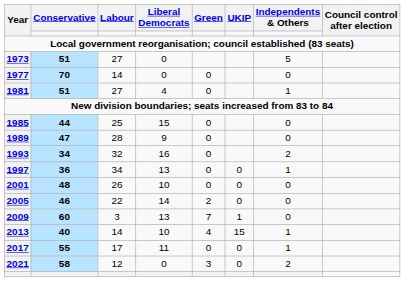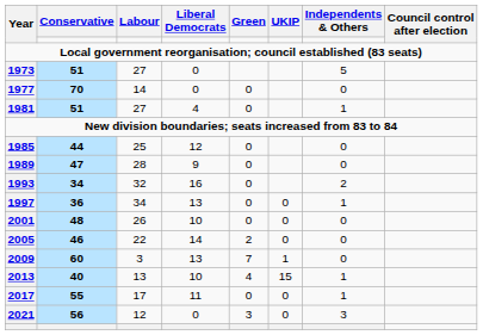 <table class="wikitable plainrowheaders" style="text-align:center">
 <tr>
 <th scope="col" rowspan="2">Year</th>
 <th scope="col"><a href='#'>Conservative</a></th>
 <th scope="col"><a href='#'>Labour</a></th>
 <th scope="col" style="width:1px"><a href='#'>Liberal Democrats</a></th>
 <th scope="col"><a href='#'>Green</a></th>
 <th scope="col"><a href='#'>UKIP</a></th>
 <th scope="col"><a href='#'>Independents</a><br>& Others</th>
 <th scope="col" rowspan="2" colspan="2">Council control<br>after election</th>
 </tr>
 <tr>
 <td style="background:"></td>
 <td style="background:"></td>
 <td style="background:"></td>
 <td style="background:"></td>
 <td style="background:"></td>
 <td style="background:"></td>
 </tr>
 <tr>
 <td colspan="9"><strong>Local government reorganisation; council established (83 seats)</strong></td>
 </tr>
 <tr>
 <th scope="row"><a href='#'>1973</a></th>
 <td style="background:#B9E4FF;"><strong>51</strong></td>
 <td>27</td>
 <td>0</td>
 <td></td>
 <td></td>
 <td>5</td>
 <td></td>
 </tr>
 <tr>
 <th scope="row"><a href='#'>1977</a></th>
 <td style="background:#B9E4FF;"><strong>70</strong></td>
 <td>14</td>
 <td>0</td>
 <td>0</td>
 <td></td>
 <td>0</td>
 <td></td>
 </tr>
 <tr>
 <th scope="row"><a href='#'>1981</a></th>
 <td style="background:#B9E4FF;"><strong>51</strong></td>
 <td>27</td>
 <td>4</td>
 <td>0</td>
 <td></td>
 <td>1</td>
 <td></td>
 </tr>
 <tr>
 <td colspan="9"><strong>New division boundaries; seats increased from 83 to 84</strong></td>
 </tr>
 <tr>
 <th scope="row"><a href='#'>1985</a></th>
 <td style="background:#B9E4FF;"><strong>44</strong></td>
 <td>25</td>
-<td>15</td>
+<td>12</td>
 <td>0</td>
 <td></td>
 <td>0</td>
 <td></td>
 </tr>
 <tr>
 <th scope="row"><a href='#'>1989</a></th>
 <td style="background:#B9E4FF;"><strong>47</strong></td>
 <td>28</td>
 <td>9</td>
 <td>0</td>
 <td></td>
 <td>0</td>
 <td></td>
 </tr>
 <tr>
 <th scope="row"><a href='#'>1993</a></th>
 <td style="background:#B9E4FF;"><strong>34</strong></td>
 <td>32</td>
 <td>16</td>
 <td>0</td>
 <td></td>
 <td>2</td>
 <td></td>
 </tr>
 <tr>
 <th scope="row"><a href='#'>1997</a></th>
 <td style="background:#B9E4FF;"><strong>36</strong></td>
 <td>34</td>
 <td>13</td>
 <td>0</td>
 <td>0</td>
 <td>1</td>
 <td></td>
 </tr>
 <tr>
 <th scope="row"><a href='#'>2001</a></th>
 <td style="background:#B9E4FF;"><strong>48</strong></td>
 <td>26</td>
 <td>10</td>
 <td>0</td>
 <td>0</td>
 <td>0</td>
 <td></td>
 </tr>
 <tr>
 <th scope="row"><a href='#'>2005</a></th>
 <td style="background:#B9E4FF;"><strong>46</strong></td>
 <td>22</td>
 <td>14</td>
 <td>2</td>
 <td>0</td>
 <td>0</td>
 <td></td>
 </tr>
 <tr>
 <th scope="row"><a href='#'>2009</a></th>
 <td style="background:#B9E4FF;"><strong>60</strong></td>
 <td>3</td>
 <td>13</td>
 <td>7</td>
 <td>1</td>
 <td>0</td>
 <td></td>
 </tr>
 <tr>
 <th scope="row"><a href='#'>2013</a></th>
 <td style="background:#B9E4FF;"><strong>40</strong></td>
-<td>14</td>
+<td>13</td>
 <td>10</td>
 <td>4</td>
 <td>15</td>
 <td>1</td>
 <td></td>
 </tr>
 <tr>
 <th scope="row"><a href='#'>2017</a></th>
 <td style="background:#B9E4FF;"><strong>55</strong></td>
 <td>17</td>
 <td>11</td>
 <td>0</td>
 <td>0</td>
 <td>1</td>
 <td></td>
 </tr>
 <tr>
 <th scope="row"><a href='#'>2021</a></th>
-<td style="background:#B9E4FF;"><strong>58</strong></td>
+<td style="background:#B9E4FF;"><strong>56</strong></td>
 <td>12</td>
 <td>0</td>
 <td>3</td>
 <td>0</td>
-<td>2</td>
+<td>3</td>
 <td></td>
 </tr>
 <tr>
 <th></th>
 <th style="background-color: "></th>
 <th style="background-color: "></th>
 <th style="background-color: "></th>
 <th style="background-color: "></th>
 <th style="background-color: "></th>
 <th style="background-color: "></th>
 </tr>
 </table>
